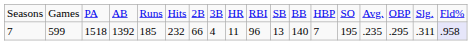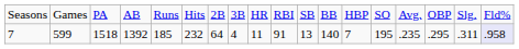 <table class="wikitable">
 <tr>
 <td>Seasons</td>
 <td>Games</td>
 <td><a href='#'>PA</a></td>
 <td><a href='#'>AB</a></td>
 <td><a href='#'>Runs</a></td>
 <td><a href='#'>Hits</a></td>
 <td><a href='#'>2B</a></td>
 <td><a href='#'>3B</a></td>
 <td><a href='#'>HR</a></td>
 <td><a href='#'>RBI</a></td>
 <td><a href='#'>SB</a></td>
 <td><a href='#'>BB</a></td>
 <td><a href='#'>HBP</a></td>
 <td><a href='#'>SO</a></td>
 <td><a href='#'>Avg.</a></td>
 <td><a href='#'>OBP</a></td>
 <td><a href='#'>Slg.</a></td>
 <td><a href='#'>Fld%</a></td>
 </tr>
 <tr>
 <td>7</td>
 <td>599</td>
 <td>1518</td>
 <td>1392</td>
 <td>185</td>
 <td>232</td>
-<td>66</td>
+<td>64</td>
 <td>4</td>
 <td>11</td>
-<td>96</td>
+<td>91</td>
 <td>13</td>
 <td>140</td>
 <td>7</td>
 <td>195</td>
 <td>.235</td>
 <td>.295</td>
 <td>.311</td>
 <td style="background: lavender;">.958</td>
 </tr>
 </table>
